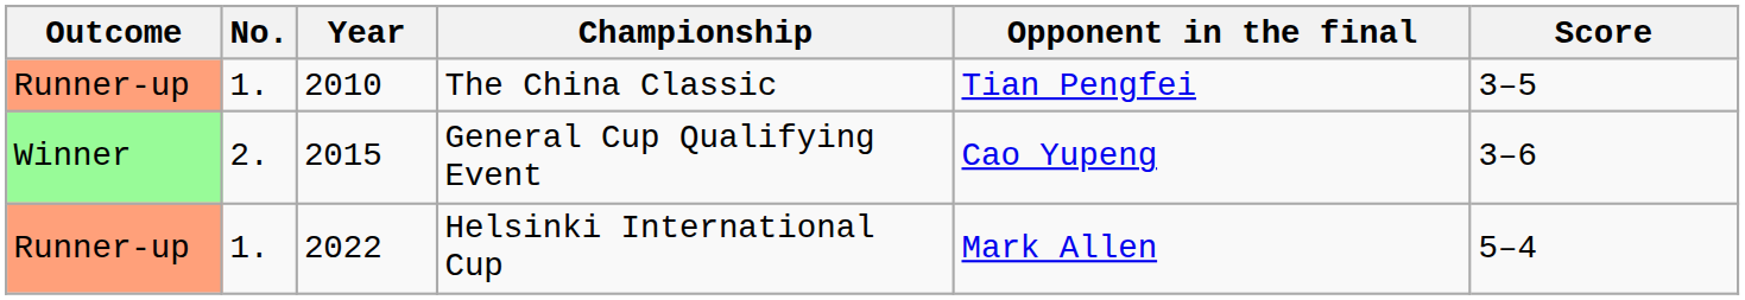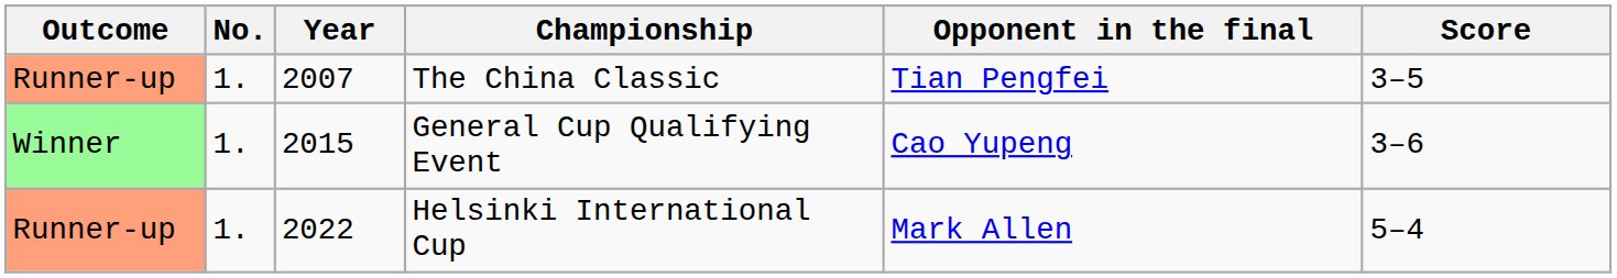 <table class="wikitable sortable">
 <tr>
 <th style="width:80px;">Outcome</th>
 <th style="width:20px;">No.</th>
 <th style="width:50px;">Year</th>
 <th style="width:200px;">Championship</th>
 <th style="width:200px;">Opponent in the final</th>
 <th style="width:100px;">Score</th>
 </tr>
 <tr>
 <td style="background:#FFA07A">Runner-up</td>
 <td>1.</td>
-<td>2010</td>
+<td>2007</td>
 <td>The China Classic</td>
 <td> <a href='#'>Tian Pengfei</a></td>
 <td>3–5</td>
 </tr>
 <tr>
 <td style="background:#98FB98">Winner</td>
-<td>2.</td>
+<td>1.</td>
 <td>2015</td>
 <td>General Cup Qualifying Event</td>
 <td> <a href='#'>Cao Yupeng</a></td>
 <td>3–6</td>
 </tr>
 <tr>
 <td style="background:#FFA07A">Runner-up</td>
 <td>1.</td>
 <td>2022</td>
 <td>Helsinki International Cup</td>
 <td> <a href='#'>Mark Allen</a></td>
 <td>5–4</td>
 </tr>
 </table>
